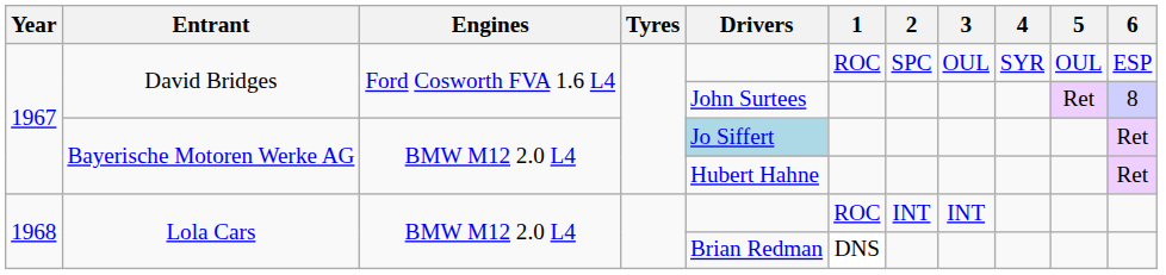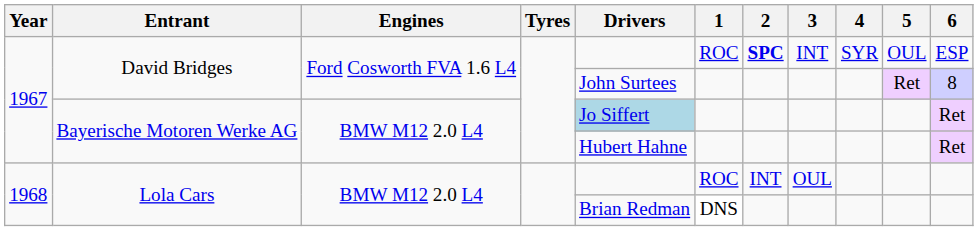 <table class="wikitable" style="font-size:90%; text-align:center">
 <tr>
 <th>Year</th>
 <th>Entrant</th>
 <th>Engines</th>
 <th>Tyres</th>
 <th>Drivers</th>
 <th>1</th>
 <th>2</th>
 <th>3</th>
 <th>4</th>
 <th>5</th>
 <th>6</th>
 </tr>
 <tr>
 <td rowspan="4"><a href='#'>1967</a></td>
 <td rowspan="2">David Bridges</td>
 <td rowspan="2"><a href='#'>Ford</a> <a href='#'>Cosworth FVA</a> 1.6 <a href='#'>L4</a></td>
 <td rowspan="4"></td>
 <td></td>
 <td><a href='#'>ROC</a></td>
-<td><a href='#'>SPC</a></td>
-<td><a href='#'>OUL</a></td>
+<td><strong><a href='#'>SPC</a></strong></td>
+<td><a href='#'>INT</a></td>
 <td><a href='#'>SYR</a></td>
 <td><a href='#'>OUL</a></td>
 <td><a href='#'>ESP</a></td>
 </tr>
 <tr>
 <td style="text-align:left"> <a href='#'>John Surtees</a></td>
 <td></td>
 <td></td>
 <td></td>
 <td></td>
 <td style="background:#efcfff;">Ret</td>
 <td style="background:#cfcfff;">8</td>
 </tr>
 <tr>
 <td rowspan="2"><a href='#'>Bayerische Motoren Werke AG</a></td>
 <td rowspan="2"><a href='#'>BMW M12</a> 2.0 <a href='#'>L4</a></td>
 <td style="background: lightblue; text-align:left"> <a href='#'>Jo Siffert</a></td>
 <td></td>
 <td></td>
 <td></td>
 <td></td>
 <td></td>
 <td style="background:#efcfff;">Ret</td>
 </tr>
 <tr>
 <td style="text-align:left"> <a href='#'>Hubert Hahne</a></td>
 <td></td>
 <td></td>
 <td></td>
 <td></td>
 <td></td>
 <td style="background:#efcfff;">Ret</td>
 </tr>
 <tr>
 <td rowspan="2"><a href='#'>1968</a></td>
 <td rowspan="2"><a href='#'>Lola Cars</a></td>
 <td rowspan="2"><a href='#'>BMW M12</a> 2.0 <a href='#'>L4</a></td>
 <td rowspan="2"></td>
 <td></td>
 <td><a href='#'>ROC</a></td>
 <td><a href='#'>INT</a></td>
-<td><a href='#'>INT</a></td>
+<td><a href='#'>OUL</a></td>
 <td></td>
 <td></td>
 <td></td>
 </tr>
 <tr>
 <td style="text-align:left"> <a href='#'>Brian Redman</a></td>
 <td style="background:#ffffff;">DNS</td>
 <td></td>
 <td></td>
 <td></td>
 <td></td>
 <td></td>
 </tr>
 </table>
